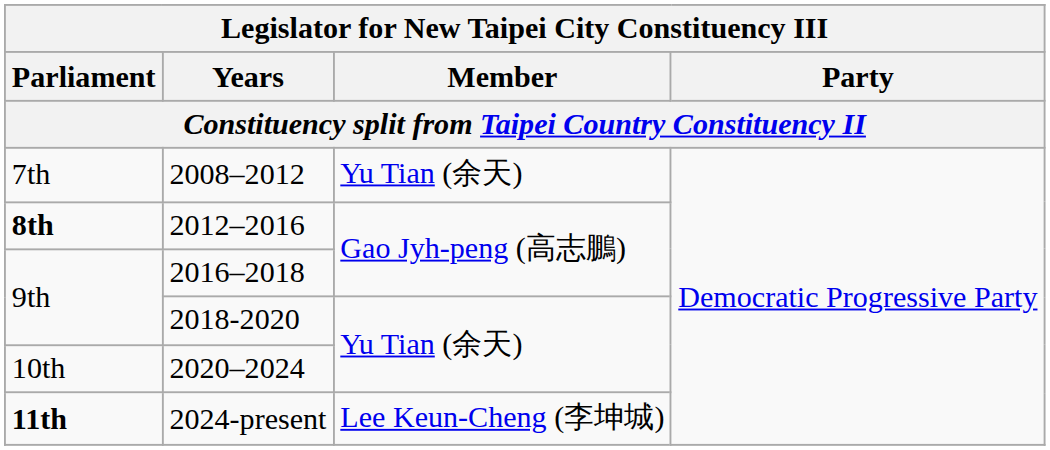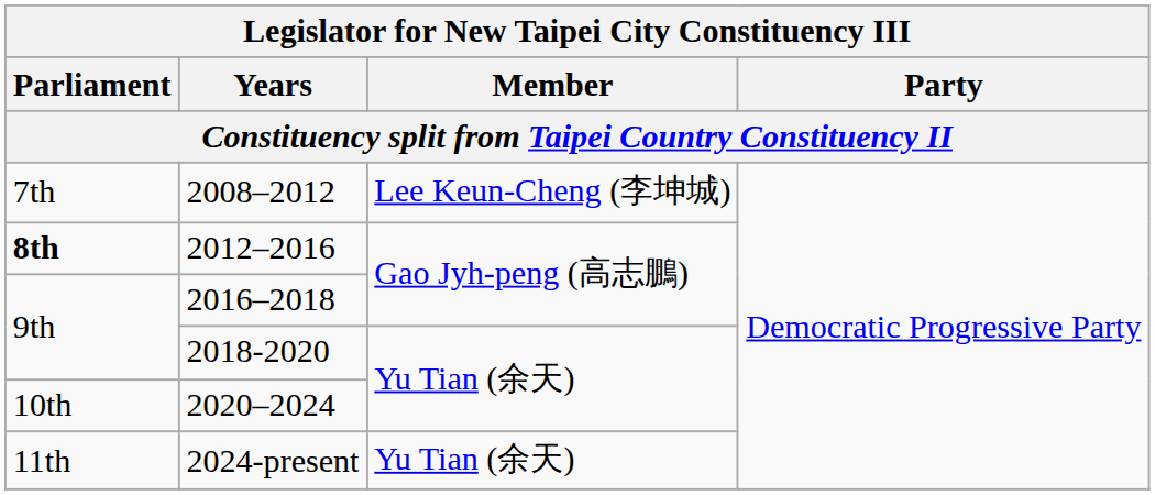 <table class=wikitable>
 <tr>
 <th colspan="4">Legislator for New Taipei City Constituency III</th>
 </tr>
 <tr>
 <th>Parliament</th>
 <th>Years</th>
 <th>Member</th>
 <th>Party</th>
 </tr>
 <tr>
 <th colspan=4 align=center><em>Constituency split from <a href='#'>Taipei Country Constituency II</a> </em></th>
 </tr>
 <tr>
 <td>7th</td>
 <td>2008–2012</td>
-<td><a href='#'>Yu Tian</a> (余天)</td>
+<td><a href='#'>Lee Keun-Cheng</a> (李坤城)</td>
 <td rowspan=6> <a href='#'>Democratic Progressive Party</a></td>
 </tr>
 <tr>
 <td><strong>8th</strong></td>
 <td>2012–2016</td>
 <td rowspan=2><a href='#'>Gao Jyh-peng</a> (高志鵬)</td>
 </tr>
 <tr>
 <td rowspan=2>9th</td>
 <td>2016–2018</td>
 </tr>
 <tr>
 <td>2018-2020</td>
 <td rowspan=2><a href='#'>Yu Tian</a> (余天)</td>
 </tr>
 <tr>
 <td>10th</td>
 <td>2020–2024</td>
 </tr>
 <tr>
-<td><strong>11th</strong></td>
+<td>11th</td>
 <td>2024-present</td>
-<td><a href='#'>Lee Keun-Cheng</a> (李坤城)</td>
+<td><a href='#'>Yu Tian</a> (余天)</td>
 </tr>
 </table>
